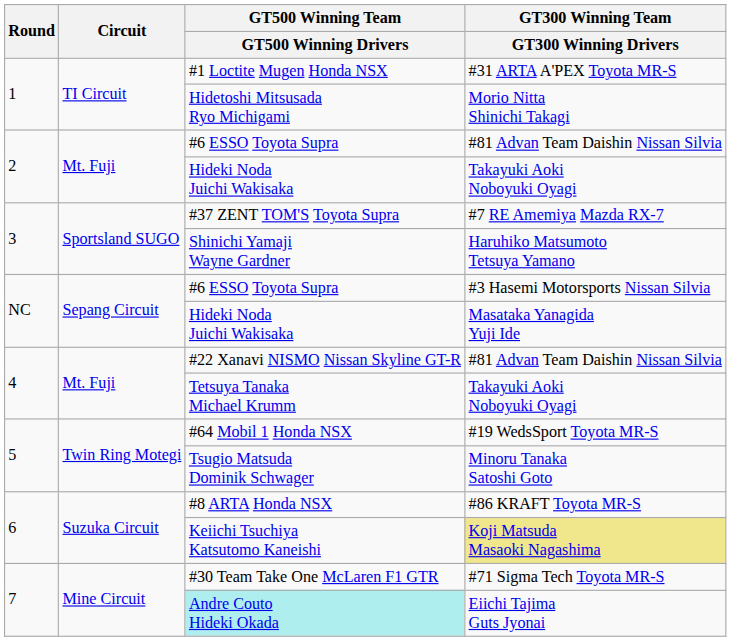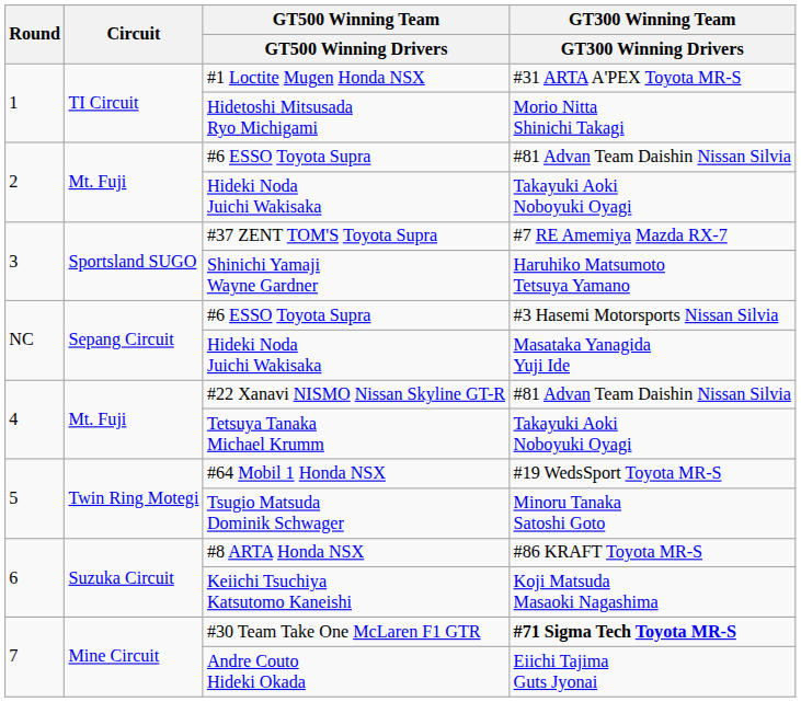 <table class="wikitable" style="font-size: 90%;">
 <tr>
 <th rowspan=2>Round</th>
 <th rowspan=2>Circuit</th>
 <th>GT500 Winning Team</th>
 <th>GT300 Winning Team</th>
 </tr>
 <tr>
 <th>GT500 Winning Drivers</th>
 <th>GT300 Winning Drivers</th>
 </tr>
 <tr>
 <td rowspan=2>1</td>
 <td rowspan=2><a href='#'>TI Circuit</a></td>
 <td> #1 <a href='#'>Loctite</a> <a href='#'>Mugen</a> <a href='#'>Honda NSX</a></td>
 <td> #31 <a href='#'>ARTA</a> A'PEX <a href='#'>Toyota MR-S</a></td>
 </tr>
 <tr>
 <td> <a href='#'>Hidetoshi Mitsusada</a><br> <a href='#'>Ryo Michigami</a></td>
 <td> <a href='#'>Morio Nitta</a><br> <a href='#'>Shinichi Takagi</a></td>
 </tr>
 <tr>
 <td rowspan=2>2</td>
 <td rowspan=2><a href='#'>Mt. Fuji</a></td>
 <td> #6 <a href='#'>ESSO</a> <a href='#'>Toyota Supra</a></td>
 <td> #81 <a href='#'>Advan</a> Team Daishin <a href='#'>Nissan Silvia</a></td>
 </tr>
 <tr>
 <td> <a href='#'>Hideki Noda</a><br> <a href='#'>Juichi Wakisaka</a></td>
 <td> <a href='#'>Takayuki Aoki</a><br> <a href='#'>Noboyuki Oyagi</a></td>
 </tr>
 <tr>
 <td rowspan=2>3</td>
 <td rowspan=2><a href='#'>Sportsland SUGO</a></td>
 <td> #37 ZENT <a href='#'>TOM'S</a> <a href='#'>Toyota Supra</a></td>
 <td> #7 <a href='#'>RE Amemiya</a> <a href='#'>Mazda RX-7</a></td>
 </tr>
 <tr>
 <td> <a href='#'>Shinichi Yamaji</a><br> <a href='#'>Wayne Gardner</a></td>
 <td> <a href='#'>Haruhiko Matsumoto</a><br> <a href='#'>Tetsuya Yamano</a></td>
 </tr>
 <tr>
 <td rowspan=2>NC</td>
 <td rowspan=2><a href='#'>Sepang Circuit</a></td>
 <td> #6 <a href='#'>ESSO</a> <a href='#'>Toyota Supra</a></td>
 <td> #3 Hasemi Motorsports <a href='#'>Nissan Silvia</a></td>
 </tr>
 <tr>
 <td> <a href='#'>Hideki Noda</a><br> <a href='#'>Juichi Wakisaka</a></td>
 <td> <a href='#'>Masataka Yanagida</a><br> <a href='#'>Yuji Ide</a></td>
 </tr>
 <tr>
 <td rowspan=2>4</td>
 <td rowspan=2><a href='#'>Mt. Fuji</a></td>
 <td> #22 Xanavi <a href='#'>NISMO</a> <a href='#'>Nissan Skyline GT-R</a></td>
 <td> #81 <a href='#'>Advan</a> Team Daishin <a href='#'>Nissan Silvia</a></td>
 </tr>
 <tr>
 <td> <a href='#'>Tetsuya Tanaka</a><br> <a href='#'>Michael Krumm</a></td>
 <td> <a href='#'>Takayuki Aoki</a><br> <a href='#'>Noboyuki Oyagi</a></td>
 </tr>
 <tr>
 <td rowspan=2>5</td>
 <td rowspan=2><a href='#'>Twin Ring Motegi</a></td>
 <td> #64 <a href='#'>Mobil 1</a> <a href='#'>Honda NSX</a></td>
 <td> #19 WedsSport <a href='#'>Toyota MR-S</a></td>
 </tr>
 <tr>
 <td> <a href='#'>Tsugio Matsuda</a><br> <a href='#'>Dominik Schwager</a></td>
 <td> <a href='#'>Minoru Tanaka</a><br> <a href='#'>Satoshi Goto</a></td>
 </tr>
 <tr>
 <td rowspan=2>6</td>
 <td rowspan=2><a href='#'>Suzuka Circuit</a></td>
 <td> #8 <a href='#'>ARTA</a> <a href='#'>Honda NSX</a></td>
 <td> #86 KRAFT <a href='#'>Toyota MR-S</a></td>
 </tr>
 <tr>
 <td> <a href='#'>Keiichi Tsuchiya</a><br> <a href='#'>Katsutomo Kaneishi</a></td>
-<td style="background: khaki;"> <a href='#'>Koji Matsuda</a><br> <a href='#'>Masaoki Nagashima</a></td>
+<td> <a href='#'>Koji Matsuda</a><br> <a href='#'>Masaoki Nagashima</a></td>
 </tr>
 <tr>
 <td rowspan=2>7</td>
 <td rowspan=2><a href='#'>Mine Circuit</a></td>
 <td> #30 Team Take One <a href='#'>McLaren F1 GTR</a></td>
-<td> #71 Sigma Tech <a href='#'>Toyota MR-S</a></td>
+<td><strong> #71 Sigma Tech <a href='#'>Toyota MR-S</a></strong></td>
 </tr>
 <tr>
-<td style="background: paleturquoise;"> <a href='#'>Andre Couto</a><br> <a href='#'>Hideki Okada</a></td>
+<td> <a href='#'>Andre Couto</a><br> <a href='#'>Hideki Okada</a></td>
 <td> <a href='#'>Eiichi Tajima</a><br> <a href='#'>Guts Jyonai</a></td>
 </tr>
 </table>
